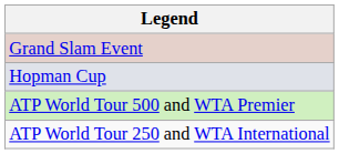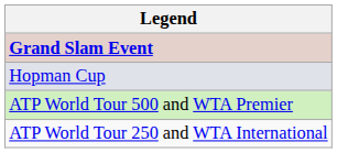 <table class="wikitable">
 <tr>
 <th>Legend</th>
 </tr>
 <tr style=background:#e5d1cb;>
-<td><a href='#'>Grand Slam Event</a></td>
+<td><strong><a href='#'>Grand Slam Event</a></strong></td>
 </tr>
 <tr style=background:#dfe2e9;>
 <td><a href='#'>Hopman Cup</a></td>
 </tr>
 <tr style=background:#d0f0c0;>
 <td><a href='#'>ATP World Tour 500</a> and <a href='#'>WTA Premier</a></td>
 </tr>
 <tr group4style=background:#ffffff;>
 <td><a href='#'>ATP World Tour 250</a> and <a href='#'>WTA International</a></td>
 </tr>
 </table>
